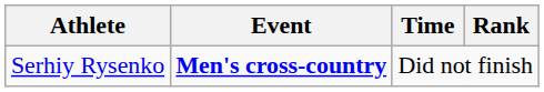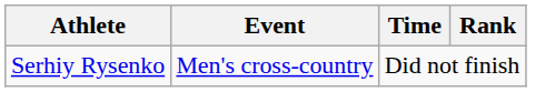 <table class=wikitable style="font-size:90%">
 <tr>
 <th>Athlete</th>
 <th>Event</th>
 <th>Time</th>
 <th>Rank</th>
 </tr>
 <tr align=center>
 <td align=left><a href='#'>Serhiy Rysenko</a></td>
-<td align=left><strong><a href='#'>Men's cross-country</a></strong></td>
+<td align=left><a href='#'>Men's cross-country</a></td>
 <td colspan=2>Did not finish</td>
 </tr>
 </table>
